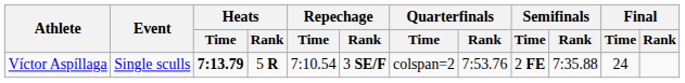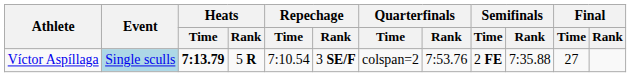 <table class="wikitable" style="font-size:90%">
 <tr>
 <th rowspan="2">Athlete</th>
 <th rowspan="2">Event</th>
 <th colspan="2">Heats</th>
 <th colspan="2">Repechage</th>
 <th colspan=2>Quarterfinals</th>
 <th colspan="2">Semifinals</th>
 <th colspan="2">Final</th>
 </tr>
 <tr style="font-size:95%">
 <th>Time</th>
 <th>Rank</th>
 <th>Time</th>
 <th>Rank</th>
 <th>Time</th>
 <th>Rank</th>
 <th>Time</th>
 <th>Rank</th>
 <th>Time</th>
 <th>Rank</th>
 </tr>
 <tr align=center>
 <td align=left><a href='#'>Víctor Aspíllaga</a></td>
-<td align=left><a href='#'>Single sculls</a></td>
+<td align=left style="background: lightblue;"><a href='#'>Single sculls</a></td>
 <td><strong>7:13.79</strong></td>
 <td>5 <strong>R</strong></td>
 <td>7:10.54</td>
 <td>3 <strong>SE/F</strong></td>
 <td>colspan=2 </td>
 <td>7:53.76</td>
 <td>2 <strong>FE</strong></td>
 <td>7:35.88</td>
-<td>24</td>
+<td>27</td>
 </tr>
 </table>
